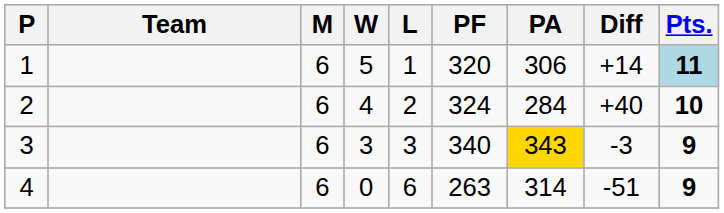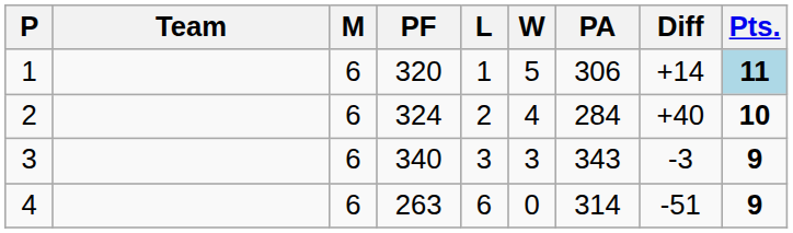 <table class=wikitable>
 <tr align=center>
 <th width=20px>P</th>
 <th width=150px>Team</th>
 <th width=20px>M</th>
+<th width=40px>PF</th>
+<th width=20px>L</th>
 <th width=20px>W</th>
-<th width=20px>L</th>
-<th width=40px>PF</th>
 <th width=40px>PA</th>
 <th width=40px>Diff</th>
 <th width=30px><a href='#'>Pts.</a></th>
 </tr>
 <tr align=center>
 <td>1</td>
 <td align=left></td>
 <td>6</td>
+<td>320</td>
+<td>1</td>
 <td>5</td>
-<td>1</td>
-<td>320</td>
 <td>306</td>
 <td>+14</td>
 <td style="background: lightblue;"><strong>11</strong></td>
 </tr>
 <tr align=center>
 <td>2</td>
 <td align=left></td>
 <td>6</td>
+<td>324</td>
+<td>2</td>
 <td>4</td>
-<td>2</td>
-<td>324</td>
 <td>284</td>
 <td>+40</td>
 <td><strong>10</strong></td>
 </tr>
 <tr align=center>
 <td>3</td>
 <td align=left></td>
 <td>6</td>
+<td>340</td>
 <td>3</td>
 <td>3</td>
-<td>340</td>
-<td style="background: gold;">343</td>
+<td>343</td>
 <td>-3</td>
 <td><strong>9</strong></td>
 </tr>
 <tr align=center>
 <td>4</td>
 <td align=left></td>
 <td>6</td>
+<td>263</td>
+<td>6</td>
 <td>0</td>
-<td>6</td>
-<td>263</td>
 <td>314</td>
 <td>-51</td>
 <td><strong>9</strong></td>
 </tr>
 </table>
